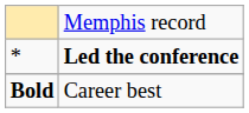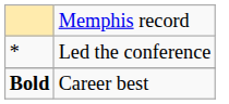 <table class="wikitable">
 <tr>
 <td style="background:#FFEBAD;"></td>
 <td><a href='#'>Memphis</a> record</td>
 </tr>
 <tr>
 <td>*</td>
-<td><strong>Led the conference</strong></td>
+<td>Led the conference</td>
 </tr>
 <tr>
 </tr>
 <tr>
 <td><strong>Bold</strong></td>
 <td>Career best</td>
 </tr>
 </table>
